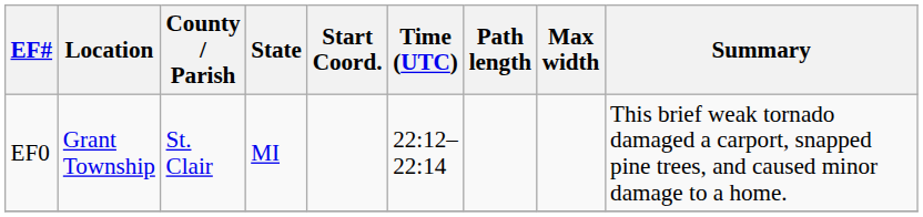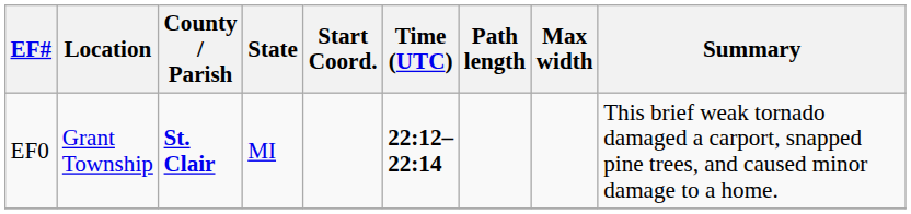 <table class="wikitable sortable" style="width:100%;">
 <tr>
 <th scope="col"  style="width:3%; text-align:center;"><a href='#'>EF#</a></th>
 <th scope="col"  style="width:7%; text-align:center;" class="unsortable">Location</th>
 <th scope="col"  style="width:6%; text-align:center;" class="unsortable">County / Parish</th>
 <th scope="col"  style="width:5%; text-align:center;">State</th>
 <th scope="col"  style="width:6%; text-align:center;">Start Coord.</th>
 <th scope="col"  style="width:6%; text-align:center;">Time (<a href='#'>UTC</a>)</th>
 <th scope="col"  style="width:6%; text-align:center;">Path length</th>
 <th scope="col"  style="width:6%; text-align:center;">Max width</th>
 <th scope="col" class="unsortable" style="width:48%; text-align:center;">Summary</th>
 </tr>
 <tr>
 <td>EF0</td>
 <td><a href='#'>Grant Township</a></td>
-<td><a href='#'>St. Clair</a></td>
+<td><strong><a href='#'>St. Clair</a></strong></td>
 <td><a href='#'>MI</a></td>
 <td></td>
-<td>22:12–22:14</td>
+<td><strong>22:12–22:14</strong></td>
 <td></td>
 <td></td>
 <td>This brief weak tornado damaged a carport, snapped pine trees, and caused minor damage to a home.</td>
 </tr>
 <tr>
 </tr>
 </table>
